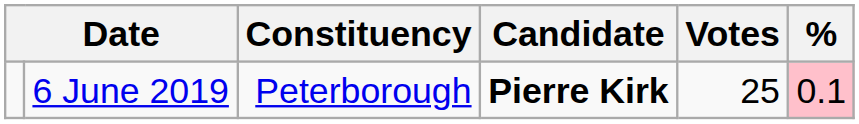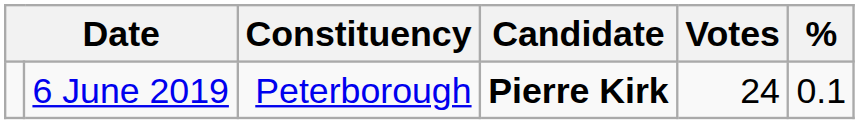 <table class="wikitable" style="text-align:right; font-size:95%;">
 <tr>
 <th colspan="2">Date</th>
 <th>Constituency</th>
 <th>Candidate</th>
 <th>Votes</th>
 <th>%</th>
 </tr>
 <tr>
 <td width="1"></td>
 <td><a href='#'>6 June 2019</a></td>
 <td><a href='#'>Peterborough</a></td>
 <td><strong>Pierre Kirk</strong></td>
-<td>25</td>
-<td style="background: pink;">0.1</td>
+<td>24</td>
+<td>0.1</td>
 </tr>
 </table>
